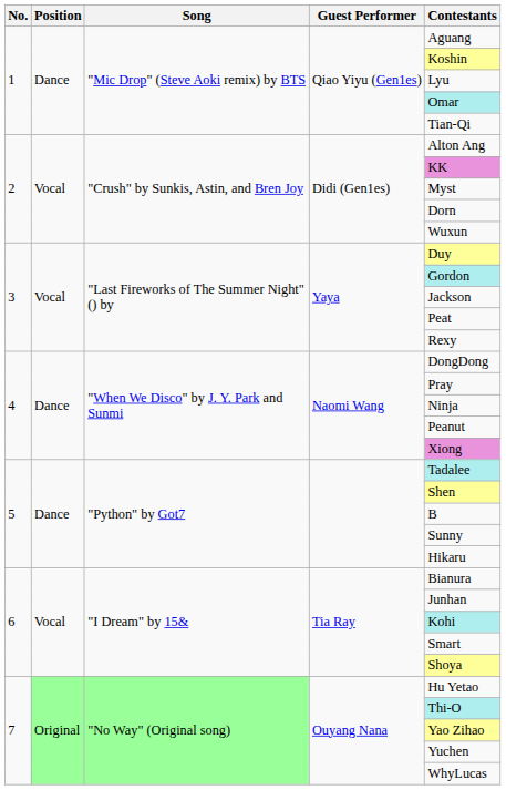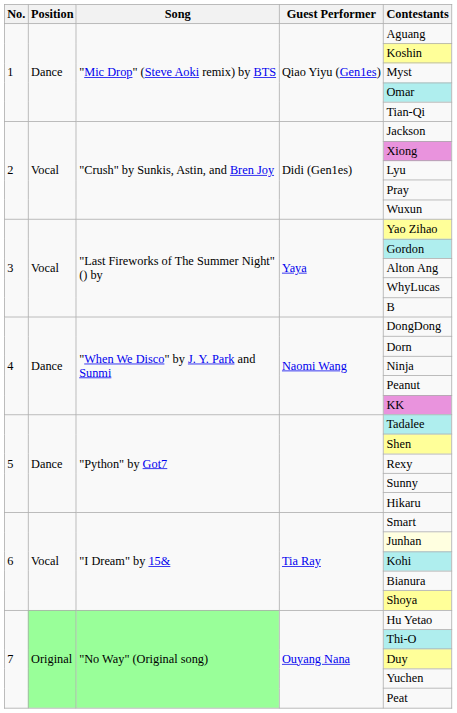 <table class="wikitable sortable">
 <tr>
 <th scope="row">No.</th>
 <th scope="row">Position</th>
 <th scope="row" style="width:16em">Song</th>
 <th scope="row">Guest Performer</th>
 <th scope="row">Contestants</th>
 </tr>
 <tr>
 <td rowspan="5">1</td>
 <td rowspan="5">Dance</td>
 <td rowspan="5">"<a href='#'>Mic Drop</a>" (<a href='#'>Steve Aoki</a> remix) by <a href='#'>BTS</a></td>
 <td rowspan="5">Qiao Yiyu (<a href='#'>Gen1es</a>)</td>
 <td>Aguang</td>
 </tr>
 <tr>
 <td style="background:#FFFF99">Koshin</td>
 </tr>
 <tr>
-<td>Lyu</td>
+<td>Myst</td>
 </tr>
 <tr>
 <td style="background:#AFEEEE">Omar</td>
 </tr>
 <tr>
 <td>Tian-Qi</td>
 </tr>
 <tr>
 <td rowspan="5">2</td>
 <td rowspan="5">Vocal</td>
 <td rowspan="5">"Crush" by Sunkis, Astin, and <a href='#'>Bren Joy</a></td>
 <td rowspan="5">Didi (Gen1es)</td>
-<td>Alton Ang</td>
+<td>Jackson</td>
 </tr>
 <tr>
-<td style="background:#E993DD">KK</td>
+<td style="background:#E993DD">Xiong</td>
 </tr>
 <tr>
-<td>Myst</td>
+<td>Lyu</td>
 </tr>
 <tr>
-<td>Dorn</td>
+<td>Pray</td>
 </tr>
 <tr>
 <td>Wuxun</td>
 </tr>
 <tr>
 <td rowspan="5">3</td>
 <td rowspan="5">Vocal</td>
 <td rowspan="5">"Last Fireworks of The Summer Night" () by </td>
 <td rowspan="5"><a href='#'>Yaya</a></td>
-<td style="background:#FFFF99">Duy</td>
+<td style="background:#FFFF99">Yao Zihao</td>
 </tr>
 <tr>
 <td style="background:#AFEEEE">Gordon</td>
 </tr>
 <tr>
-<td>Jackson</td>
+<td>Alton Ang</td>
 </tr>
 <tr>
-<td>Peat</td>
+<td>WhyLucas</td>
 </tr>
 <tr>
-<td>Rexy</td>
+<td>B</td>
 </tr>
 <tr>
 <td rowspan="5">4</td>
 <td rowspan="5">Dance</td>
 <td rowspan="5">"<a href='#'>When We Disco</a>" by <a href='#'>J. Y. Park</a> and <a href='#'>Sunmi</a></td>
 <td rowspan="5"><a href='#'>Naomi Wang</a></td>
 <td>DongDong</td>
 </tr>
 <tr>
-<td>Pray</td>
+<td>Dorn</td>
 </tr>
 <tr>
 <td>Ninja</td>
 </tr>
 <tr>
 <td>Peanut</td>
 </tr>
 <tr>
-<td style="background:#E993DD">Xiong</td>
+<td style="background:#E993DD">KK</td>
 </tr>
 <tr>
 <td rowspan="5">5</td>
 <td rowspan="5">Dance</td>
 <td rowspan="5">"Python" by <a href='#'>Got7</a></td>
 <td rowspan="5"></td>
 <td style="background:#AFEEEE">Tadalee</td>
 </tr>
 <tr>
 <td style="background:#FFFF99">Shen</td>
 </tr>
 <tr>
-<td>B</td>
+<td>Rexy</td>
 </tr>
 <tr>
 <td>Sunny</td>
 </tr>
 <tr>
 <td>Hikaru</td>
 </tr>
 <tr>
 <td rowspan="5">6</td>
 <td rowspan="5">Vocal</td>
 <td rowspan="5">"I Dream" by <a href='#'>15&</a></td>
 <td rowspan="5"><a href='#'>Tia Ray</a></td>
-<td>Bianura</td>
+<td>Smart</td>
 </tr>
 <tr>
-<td>Junhan</td>
+<td style="background: lightyellow;">Junhan</td>
 </tr>
 <tr>
 <td style="background:#AFEEEE">Kohi</td>
 </tr>
 <tr>
-<td>Smart</td>
+<td>Bianura</td>
 </tr>
 <tr>
 <td style="background:#FFFF99">Shoya</td>
 </tr>
 <tr>
 <td rowspan="5">7</td>
 <td rowspan="5" style="background:#99FF99">Original</td>
 <td rowspan="5" style="background:#99FF99">"No Way" (Original song)</td>
 <td rowspan="5"><a href='#'>Ouyang Nana</a></td>
 <td>Hu Yetao</td>
 </tr>
 <tr>
 <td style="background:#AFEEEE">Thi-O</td>
 </tr>
 <tr>
-<td style="background:#FFFF99">Yao Zihao</td>
+<td style="background:#FFFF99">Duy</td>
 </tr>
 <tr>
 <td>Yuchen</td>
 </tr>
 <tr>
-<td>WhyLucas</td>
+<td>Peat</td>
 </tr>
 </table>
